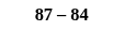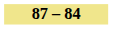 <table style="text-align:center">
 <tr>
 <th width=200></th>
 <th width=100></th>
 <th width=200></th>
 </tr>
 <tr>
 <td align=right><strong></strong></td>
-<td><strong>87 – 84</strong></td>
+<td style="background: khaki;"><strong>87 – 84</strong></td>
 <td align=left></td>
 </tr>
 </table>
